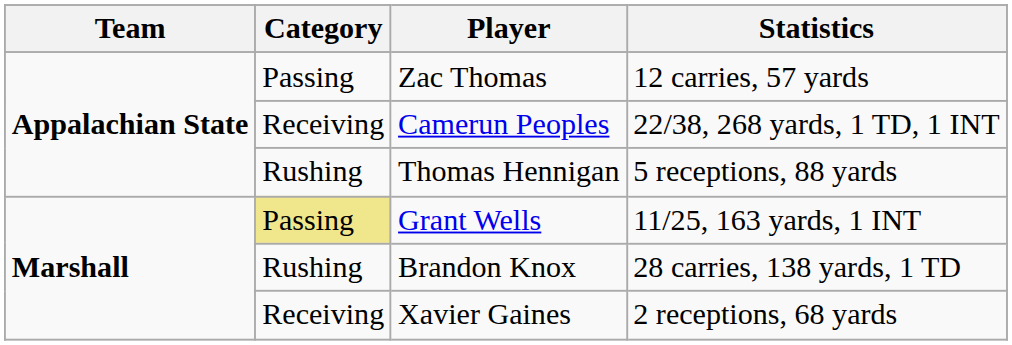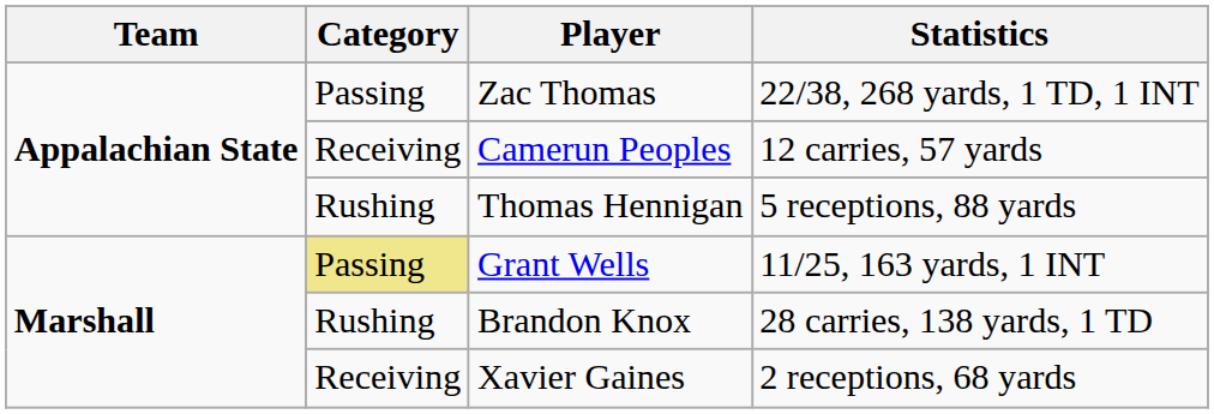 <table class="wikitable" style="float: left;">
 <tr>
 <th>Team</th>
 <th>Category</th>
 <th>Player</th>
 <th>Statistics</th>
 </tr>
 <tr>
 <td rowspan=3><strong>Appalachian State</strong></td>
 <td>Passing</td>
 <td>Zac Thomas</td>
-<td>12 carries, 57 yards</td>
+<td>22/38, 268 yards, 1 TD, 1 INT</td>
 </tr>
 <tr>
 <td>Receiving</td>
 <td><a href='#'>Camerun Peoples</a></td>
-<td>22/38, 268 yards, 1 TD, 1 INT</td>
+<td>12 carries, 57 yards</td>
 </tr>
 <tr>
 <td>Rushing</td>
 <td>Thomas Hennigan</td>
 <td>5 receptions, 88 yards</td>
 </tr>
 <tr>
 <td rowspan=3><strong>Marshall</strong></td>
 <td style="background: khaki;">Passing</td>
 <td><a href='#'>Grant Wells</a></td>
 <td>11/25, 163 yards, 1 INT</td>
 </tr>
 <tr>
 <td>Rushing</td>
 <td>Brandon Knox</td>
 <td>28 carries, 138 yards, 1 TD</td>
 </tr>
 <tr>
 <td>Receiving</td>
 <td>Xavier Gaines</td>
 <td>2 receptions, 68 yards</td>
 </tr>
 </table>
